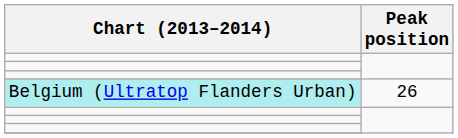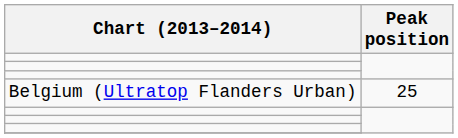 <table class="wikitable sortable plainrowheaders">
 <tr>
 <th scope="col">Chart (2013–2014)</th>
 <th scope="col">Peak<br>position</th>
 </tr>
 <tr>
 <td></td>
 </tr>
 <tr>
 <td></td>
 </tr>
 <tr>
 <td></td>
 </tr>
 <tr>
-<td style="background: paleturquoise;">Belgium (<a href='#'>Ultratop</a> Flanders Urban)</td>
-<td style="text-align:center;">26</td>
+<td>Belgium (<a href='#'>Ultratop</a> Flanders Urban)</td>
+<td style="text-align:center;">25</td>
 </tr>
 <tr>
 <td></td>
 </tr>
 <tr>
 <td></td>
 </tr>
 <tr>
 <td></td>
 </tr>
 <tr>
 </tr>
 <tr>
 </tr>
 <tr>
 </tr>
 <tr>
 </tr>
 <tr>
 </tr>
 <tr>
 </tr>
 <tr>
 </tr>
 <tr>
 </tr>
 </table>
